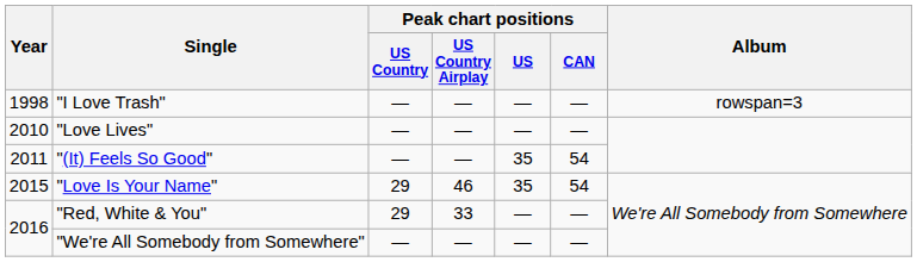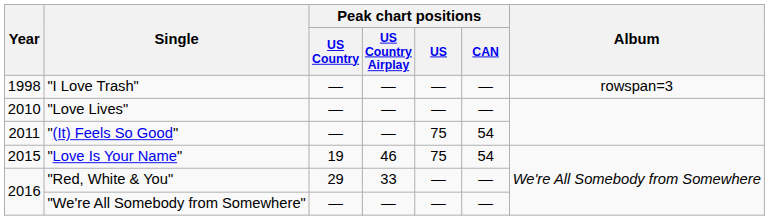 <table class="wikitable" style="text-align:center;">
 <tr>
 <th rowspan=2>Year</th>
 <th rowspan=2>Single</th>
 <th colspan="4">Peak chart positions</th>
 <th rowspan=2>Album</th>
 </tr>
 <tr style="font-size:smaller;">
 <th style="width:45px;"><a href='#'>US Country</a><br></th>
 <th style="width:45px;"><a href='#'>US Country Airplay</a><br></th>
 <th width=45><a href='#'>US</a><br></th>
 <th width=45><a href='#'>CAN</a><br></th>
 </tr>
 <tr>
 <td>1998</td>
 <td align=left>"I Love Trash"</td>
 <td>—</td>
 <td>—</td>
 <td>—</td>
 <td>—</td>
 <td>rowspan=3 </td>
 </tr>
 <tr>
 <td>2010</td>
 <td align=left>"Love Lives"</td>
 <td>—</td>
 <td>—</td>
 <td>—</td>
 <td>—</td>
 </tr>
 <tr>
 <td>2011</td>
 <td align=left>"<a href='#'>(It) Feels So Good</a>"</td>
 <td>—</td>
 <td>—</td>
-<td>35</td>
+<td>75</td>
 <td>54</td>
 </tr>
 <tr>
 <td>2015</td>
 <td align=left>"<a href='#'>Love Is Your Name</a>"</td>
-<td>29</td>
+<td>19</td>
 <td>46</td>
-<td>35</td>
+<td>75</td>
 <td>54</td>
 <td style="text-align:left;" rowspan="3"><em>We're All Somebody from Somewhere</em></td>
 </tr>
 <tr>
 <td rowspan="2">2016</td>
 <td align=left>"Red, White & You"</td>
 <td>29</td>
 <td>33</td>
 <td>—</td>
 <td>—</td>
 </tr>
 <tr>
 <td align=left>"We're All Somebody from Somewhere"</td>
 <td>—</td>
 <td>—</td>
 <td>—</td>
 <td>—</td>
 </tr>
 </table>
